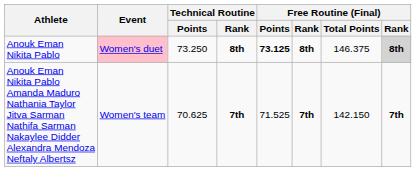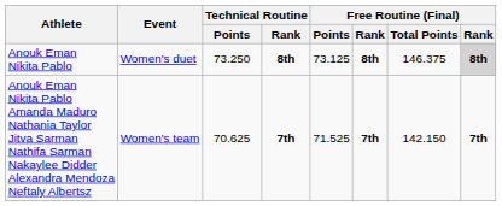 <table class=wikitable style="font-size:90%">
 <tr>
 <th rowspan="2">Athlete</th>
 <th rowspan="2">Event</th>
 <th colspan="2">Technical Routine</th>
 <th colspan="4">Free Routine (Final)</th>
 </tr>
 <tr>
 <th>Points</th>
 <th>Rank</th>
 <th>Points</th>
 <th>Rank</th>
 <th>Total Points</th>
 <th>Rank</th>
 </tr>
 <tr>
 <td><a href='#'>Anouk Eman</a><br><a href='#'>Nikita Pablo</a></td>
-<td style="background: pink;"><a href='#'>Women's duet</a></td>
+<td><a href='#'>Women's duet</a></td>
 <td align=center>73.250</td>
 <td align=center><strong>8th</strong></td>
-<td align=center><strong>73.125</strong></td>
+<td align=center>73.125</td>
 <td align=center><strong>8th</strong></td>
 <td align=center>146.375</td>
 <td align=center style="background: lightgrey;"><strong>8th</strong></td>
 </tr>
 <tr>
 <td><a href='#'>Anouk Eman</a><br><a href='#'>Nikita Pablo</a><br><a href='#'>Amanda Maduro</a><br><a href='#'>Nathania Taylor</a><br><a href='#'>Jitva Sarman</a><br><a href='#'>Nathifa Sarman</a><br><a href='#'>Nakaylee Didder</a><br><a href='#'>Alexandra Mendoza</a><br><a href='#'>Neftaly Albertsz</a></td>
 <td><a href='#'>Women's team</a></td>
 <td align=center>70.625</td>
 <td align=center><strong>7th</strong></td>
 <td align=center>71.525</td>
 <td align=center><strong>7th</strong></td>
 <td align=center>142.150</td>
 <td align=center><strong>7th</strong></td>
 </tr>
 </table>
